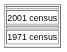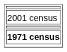 <table border="1">
 <tr>
 <td></td>
 </tr>
 <tr>
 <td><small>2001 census</small></td>
 </tr>
 <tr>
 <td></td>
 </tr>
 <tr>
-<td><small>1971 census</small></td>
+<td><strong><small>1971 census</small></strong></td>
 </tr>
 <tr>
 </tr>
 </table>
